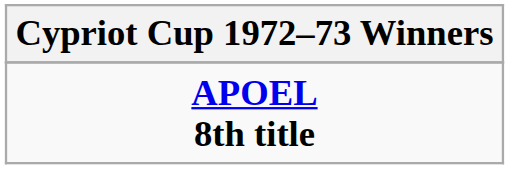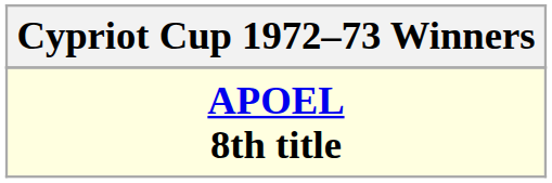 <table class="wikitable" style="text-align:center;margin: 0 auto;">
 <tr>
 <th>Cypriot Cup 1972–73 Winners</th>
 </tr>
 <tr>
 </tr>
 <tr>
-<td><strong><a href='#'>APOEL</a></strong><br><strong>8th title</strong></td>
+<td style="background: lightyellow;"><strong><a href='#'>APOEL</a></strong><br><strong>8th title</strong></td>
 </tr>
 </table>
